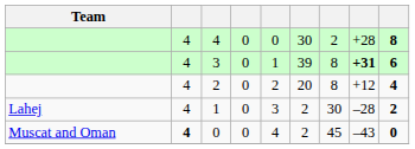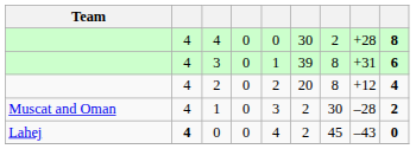 <table class="wikitable" style="text-align:center">
 <tr>
 <th width=175>Team</th>
 <th width=25></th>
 <th width=25></th>
 <th width=25></th>
 <th width=25></th>
 <th width=25></th>
 <th width=25></th>
 <th width=25></th>
 <th width=25></th>
 </tr>
 <tr align=center bgcolor=#ccffcc>
 <td style="text-align:left;"></td>
 <td>4</td>
 <td>4</td>
 <td>0</td>
 <td>0</td>
 <td>30</td>
 <td>2</td>
 <td>+28</td>
 <td><strong>8</strong></td>
 </tr>
 <tr align=center bgcolor=#ccffcc>
 <td style="text-align:left;"></td>
 <td>4</td>
 <td>3</td>
 <td>0</td>
 <td>1</td>
 <td>39</td>
 <td>8</td>
-<td><strong>+31</strong></td>
+<td>+31</td>
 <td><strong>6</strong></td>
 </tr>
 <tr>
 <td style="text-align:left;"></td>
 <td>4</td>
 <td>2</td>
 <td>0</td>
 <td>2</td>
 <td>20</td>
 <td>8</td>
 <td>+12</td>
 <td><strong>4</strong></td>
 </tr>
 <tr>
-<td style="text-align:left;"> <a href='#'>Lahej</a></td>
+<td style="text-align:left;"> <a href='#'>Muscat and Oman</a></td>
 <td>4</td>
 <td>1</td>
 <td>0</td>
 <td>3</td>
 <td>2</td>
 <td>30</td>
 <td>–28</td>
 <td><strong>2</strong></td>
 </tr>
 <tr>
-<td style="text-align:left;"> <a href='#'>Muscat and Oman</a></td>
+<td style="text-align:left;"> <a href='#'>Lahej</a></td>
 <td><strong>4</strong></td>
 <td>0</td>
 <td>0</td>
 <td>4</td>
 <td>2</td>
 <td>45</td>
 <td>–43</td>
 <td><strong>0</strong></td>
 </tr>
 <tr>
 </tr>
 </table>
